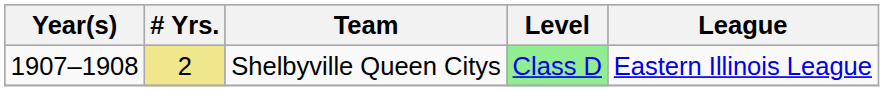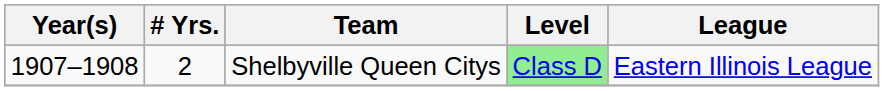 <table class="wikitable" style="text-align:center; font-size: 95%;">
 <tr>
 <th>Year(s)</th>
 <th># Yrs.</th>
 <th>Team</th>
 <th>Level</th>
 <th>League</th>
 </tr>
 <tr>
 <td>1907–1908</td>
-<td style="background: khaki;">2</td>
+<td>2</td>
 <td>Shelbyville Queen Citys</td>
 <td style="background: lightgreen;"><a href='#'>Class D</a></td>
 <td><a href='#'>Eastern Illinois League</a></td>
 </tr>
 <tr>
 </tr>
 </table>
